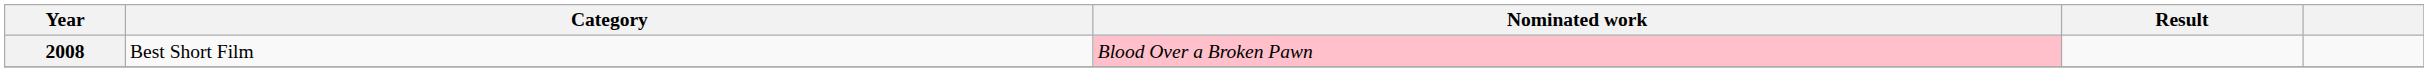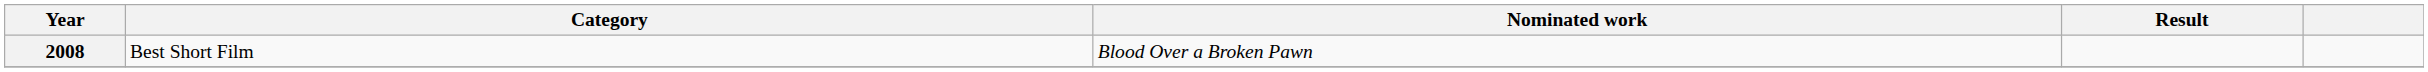 <table class="wikitable plainrowheaders" style="width:100%;">
 <tr>
 <th scope="col" style="width:5%;">Year</th>
 <th scope="col" style="width:40%;">Category</th>
 <th scope="col" style="width:40%;">Nominated work</th>
 <th scope="col" style="width:10%;">Result</th>
 <th scope="col" style="width:5%;"></th>
 </tr>
 <tr>
 <th scope="row" style="text-align:center;">2008</th>
 <td>Best Short Film</td>
-<td style="background: pink;"><em>Blood Over a Broken Pawn</em></td>
+<td><em>Blood Over a Broken Pawn</em></td>
 <td></td>
 <td style="text-align:center;"></td>
 </tr>
 <tr>
 </tr>
 </table>
